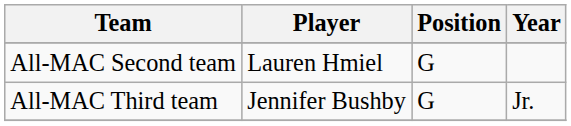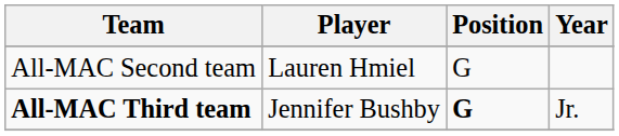 <table class="wikitable" border="1">
 <tr align=center>
 <th style= >Team</th>
 <th style= >Player</th>
 <th style= >Position</th>
 <th style= >Year</th>
 </tr>
 <tr align="center">
 </tr>
 <tr>
 <td>All-MAC Second team</td>
 <td>Lauren Hmiel</td>
 <td>G</td>
 <td></td>
 </tr>
 <tr>
-<td>All-MAC Third team</td>
+<td><strong>All-MAC Third team</strong></td>
 <td>Jennifer Bushby</td>
-<td>G</td>
+<td><strong>G</strong></td>
 <td>Jr.</td>
 </tr>
 <tr>
 </tr>
 </table>
